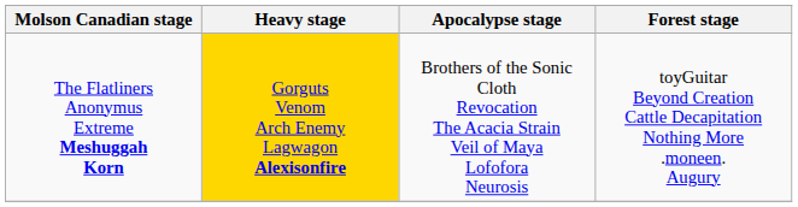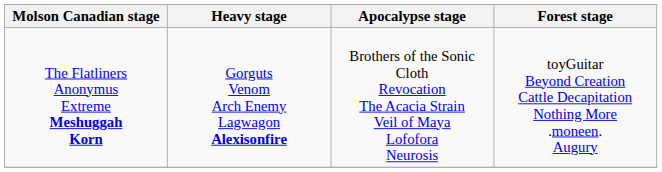 <table class="wikitable" style="text-align:center; vertical-align:top; width:710px">
 <tr>
 </tr>
 <tr>
 <th>Molson Canadian stage</th>
 <th>Heavy stage</th>
 <th>Apocalypse stage</th>
 <th>Forest stage</th>
 </tr>
 <tr>
 <td style="width:175px;"><br><a href='#'>The Flatliners</a><br> <a href='#'>Anonymus</a><br> <a href='#'>Extreme</a><br> <strong><a href='#'>Meshuggah</a></strong><br> <strong><a href='#'>Korn</a></strong></td>
-<td style="background: gold; width:175px;"><br><a href='#'>Gorguts</a><br> <a href='#'>Venom</a><br> <a href='#'>Arch Enemy</a><br> <a href='#'>Lagwagon</a><br> <strong><a href='#'>Alexisonfire</a></strong></td>
+<td style="width:175px;"><br><a href='#'>Gorguts</a><br> <a href='#'>Venom</a><br> <a href='#'>Arch Enemy</a><br> <a href='#'>Lagwagon</a><br> <strong><a href='#'>Alexisonfire</a></strong></td>
 <td style="width:175px;"><br>Brothers of the Sonic Cloth<br> <a href='#'>Revocation</a><br> <a href='#'>The Acacia Strain</a><br> <a href='#'>Veil of Maya</a><br> <a href='#'>Lofofora</a><br> <a href='#'>Neurosis</a><br></td>
 <td style="width:175px;"><br>toyGuitar<br> <a href='#'>Beyond Creation</a><br> <a href='#'>Cattle Decapitation</a><br> <a href='#'>Nothing More</a><br> .<a href='#'>moneen</a>.<br> <a href='#'>Augury</a></td>
 </tr>
 <tr>
 </tr>
 </table>
